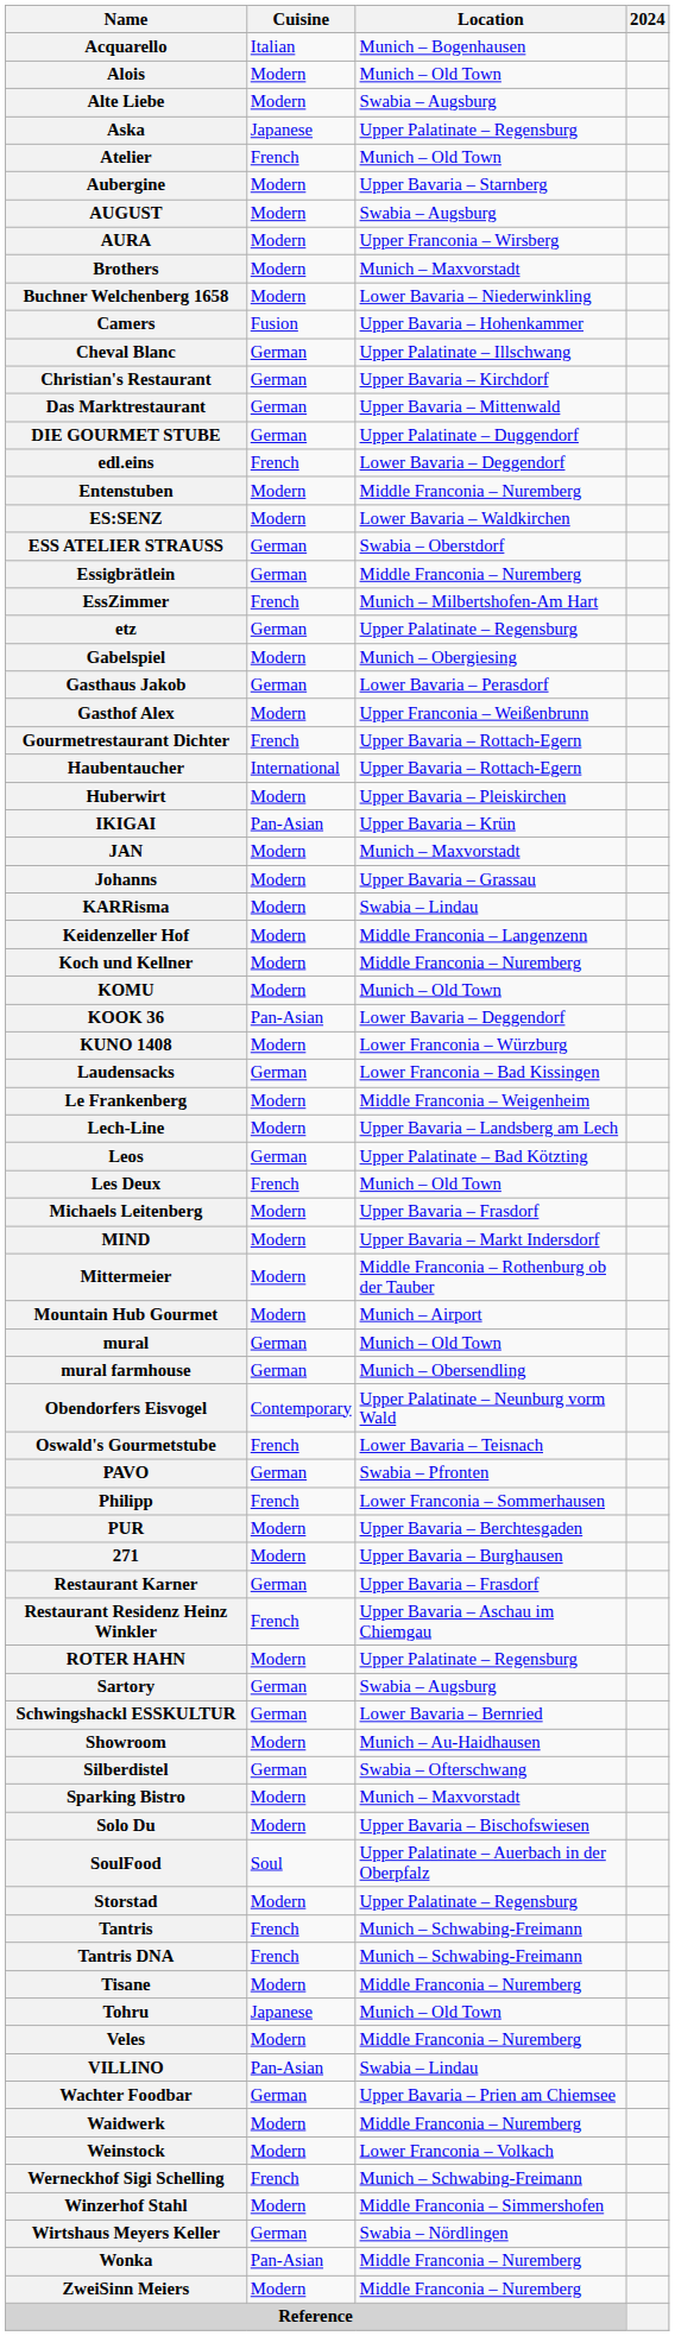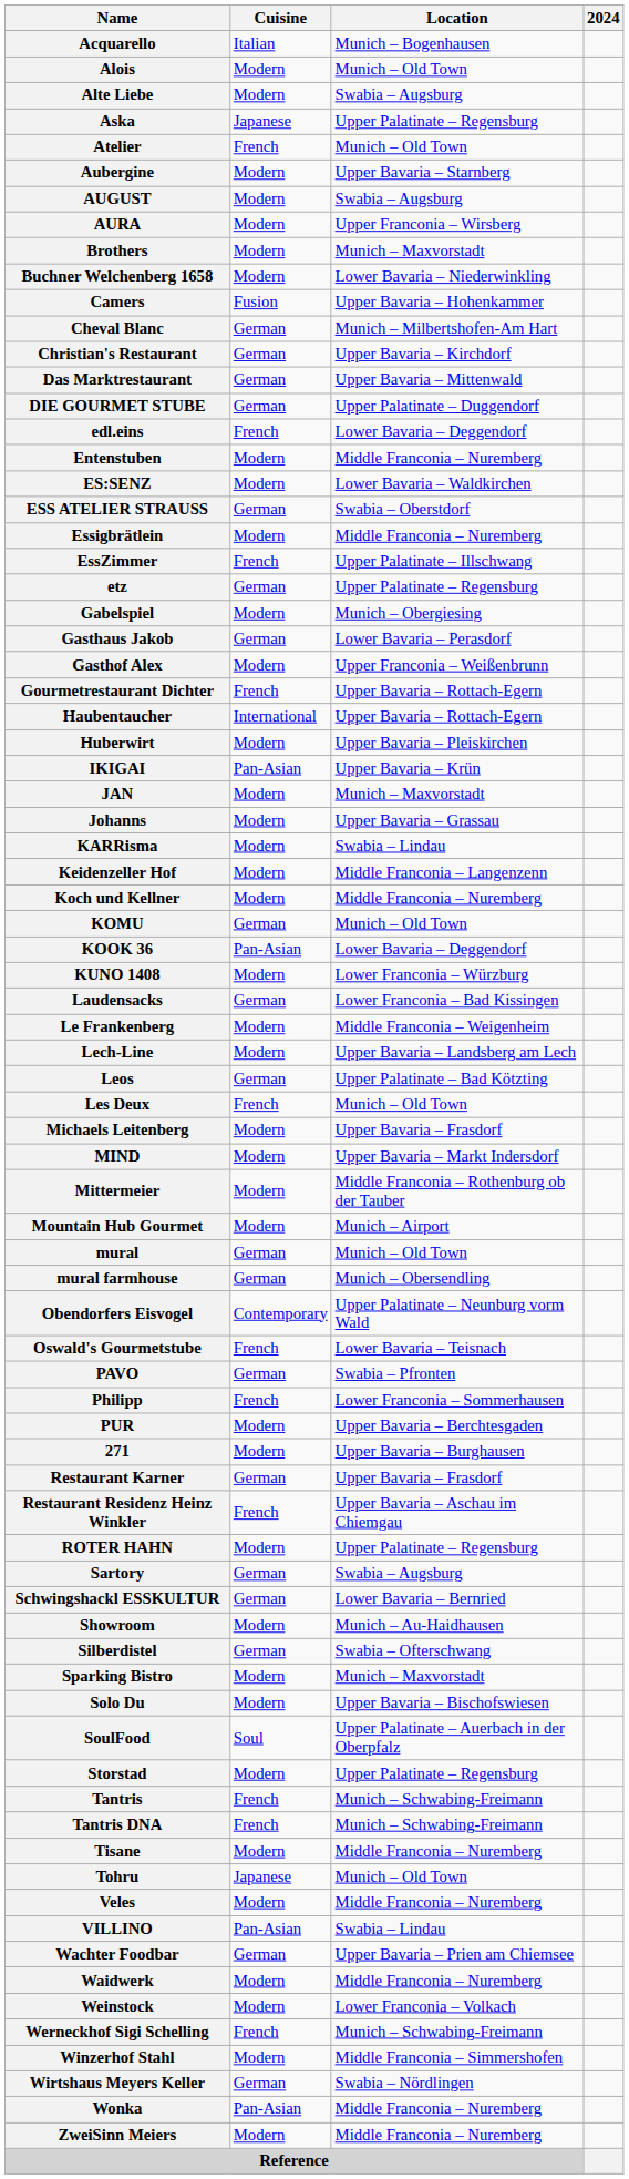 <table class="wikitable sortable plainrowheaders" style="text-align:left;"">
 <tr>
 <th scope="col">Name</th>
 <th scope="col">Cuisine</th>
 <th scope="col">Location</th>
 <th scope="col">2024</th>
 </tr>
 <tr>
 <th scope="row">Acquarello</th>
 <td><a href='#'>Italian</a></td>
 <td><a href='#'>Munich – Bogenhausen</a></td>
 <td></td>
 </tr>
 <tr>
 <th scope="row">Alois</th>
 <td><a href='#'>Modern</a></td>
 <td><a href='#'>Munich – Old Town</a></td>
 <td></td>
 </tr>
 <tr>
 <th scope="row">Alte Liebe</th>
 <td><a href='#'>Modern</a></td>
 <td><a href='#'>Swabia – Augsburg</a></td>
 <td></td>
 </tr>
 <tr>
 <th scope="row">Aska</th>
 <td><a href='#'>Japanese</a></td>
 <td><a href='#'>Upper Palatinate – Regensburg</a></td>
 <td></td>
 </tr>
 <tr>
 <th scope="row">Atelier</th>
 <td><a href='#'>French</a></td>
 <td><a href='#'>Munich – Old Town</a></td>
 <td></td>
 </tr>
 <tr>
 <th scope="row">Aubergine</th>
 <td><a href='#'>Modern</a></td>
 <td><a href='#'>Upper Bavaria – Starnberg</a></td>
 <td></td>
 </tr>
 <tr>
 <th scope="row">AUGUST</th>
 <td><a href='#'>Modern</a></td>
 <td><a href='#'>Swabia – Augsburg</a></td>
 <td></td>
 </tr>
 <tr>
 <th scope="row">AURA</th>
 <td><a href='#'>Modern</a></td>
 <td><a href='#'>Upper Franconia – Wirsberg</a></td>
 <td></td>
 </tr>
 <tr>
 <th scope="row">Brothers</th>
 <td><a href='#'>Modern</a></td>
 <td><a href='#'>Munich – Maxvorstadt</a></td>
 <td></td>
 </tr>
 <tr>
 <th scope="row">Buchner Welchenberg 1658</th>
 <td><a href='#'>Modern</a></td>
 <td><a href='#'>Lower Bavaria – Niederwinkling</a></td>
 <td></td>
 </tr>
 <tr>
 <th scope="row">Camers</th>
 <td><a href='#'>Fusion</a></td>
 <td><a href='#'>Upper Bavaria – Hohenkammer</a></td>
 <td></td>
 </tr>
 <tr>
 <th scope="row">Cheval Blanc</th>
 <td><a href='#'>German</a></td>
-<td><a href='#'>Upper Palatinate – Illschwang</a></td>
+<td><a href='#'>Munich – Milbertshofen-Am Hart</a></td>
 <td></td>
 </tr>
 <tr>
 <th scope="row">Christian's Restaurant</th>
 <td><a href='#'>German</a></td>
 <td><a href='#'>Upper Bavaria – Kirchdorf</a></td>
 <td></td>
 </tr>
 <tr>
 <th scope="row">Das Marktrestaurant</th>
 <td><a href='#'>German</a></td>
 <td><a href='#'>Upper Bavaria – Mittenwald</a></td>
 <td></td>
 </tr>
 <tr>
 <th scope="row">DIE GOURMET STUBE</th>
 <td><a href='#'>German</a></td>
 <td><a href='#'>Upper Palatinate – Duggendorf</a></td>
 <td></td>
 </tr>
 <tr>
 <th scope="row">edl.eins</th>
 <td><a href='#'>French</a></td>
 <td><a href='#'>Lower Bavaria – Deggendorf</a></td>
 <td></td>
 </tr>
 <tr>
 <th scope="row">Entenstuben</th>
 <td><a href='#'>Modern</a></td>
 <td><a href='#'>Middle Franconia – Nuremberg</a></td>
 <td></td>
 </tr>
 <tr>
 <th scope="row">ES:SENZ</th>
 <td><a href='#'>Modern</a></td>
 <td><a href='#'>Lower Bavaria – Waldkirchen</a></td>
 <td></td>
 </tr>
 <tr>
 <th scope="row">ESS ATELIER STRAUSS</th>
 <td><a href='#'>German</a></td>
 <td><a href='#'>Swabia – Oberstdorf</a></td>
 <td></td>
 </tr>
 <tr>
 <th scope="row">Essigbrätlein</th>
-<td><a href='#'>German</a></td>
+<td><a href='#'>Modern</a></td>
 <td><a href='#'>Middle Franconia – Nuremberg</a></td>
 <td></td>
 </tr>
 <tr>
 <th scope="row">EssZimmer</th>
 <td><a href='#'>French</a></td>
-<td><a href='#'>Munich – Milbertshofen-Am Hart</a></td>
+<td><a href='#'>Upper Palatinate – Illschwang</a></td>
 <td></td>
 </tr>
 <tr>
 <th scope="row">etz</th>
 <td><a href='#'>German</a></td>
 <td><a href='#'>Upper Palatinate – Regensburg</a></td>
 <td></td>
 </tr>
 <tr>
 <th scope="row">Gabelspiel</th>
 <td><a href='#'>Modern</a></td>
 <td><a href='#'>Munich – Obergiesing</a></td>
 <td></td>
 </tr>
 <tr>
 <th scope="row">Gasthaus Jakob</th>
 <td><a href='#'>German</a></td>
 <td><a href='#'>Lower Bavaria – Perasdorf</a></td>
 <td></td>
 </tr>
 <tr>
 <th scope="row">Gasthof Alex</th>
 <td><a href='#'>Modern</a></td>
 <td><a href='#'>Upper Franconia – Weißenbrunn</a></td>
 <td></td>
 </tr>
 <tr>
 <th scope="row">Gourmetrestaurant Dichter</th>
 <td><a href='#'>French</a></td>
 <td><a href='#'>Upper Bavaria – Rottach-Egern</a></td>
 <td></td>
 </tr>
 <tr>
 <th scope="row">Haubentaucher</th>
 <td><a href='#'>International</a></td>
 <td><a href='#'>Upper Bavaria – Rottach-Egern</a></td>
 <td></td>
 </tr>
 <tr>
 <th scope="row">Huberwirt</th>
 <td><a href='#'>Modern</a></td>
 <td><a href='#'>Upper Bavaria – Pleiskirchen</a></td>
 <td></td>
 </tr>
 <tr>
 <th scope="row">IKIGAI</th>
 <td><a href='#'>Pan-Asian</a></td>
 <td><a href='#'>Upper Bavaria – Krün</a></td>
 <td></td>
 </tr>
 <tr>
 <th scope="row">JAN</th>
 <td><a href='#'>Modern</a></td>
 <td><a href='#'>Munich – Maxvorstadt</a></td>
 <td></td>
 </tr>
 <tr>
 <th scope="row">Johanns</th>
 <td><a href='#'>Modern</a></td>
 <td><a href='#'>Upper Bavaria – Grassau</a></td>
 <td></td>
 </tr>
 <tr>
 <th scope="row">KARRisma</th>
 <td><a href='#'>Modern</a></td>
 <td><a href='#'>Swabia – Lindau</a></td>
 <td></td>
 </tr>
 <tr>
 <th scope="row">Keidenzeller Hof</th>
 <td><a href='#'>Modern</a></td>
 <td><a href='#'>Middle Franconia – Langenzenn</a></td>
 <td></td>
 </tr>
 <tr>
 <th scope="row">Koch und Kellner</th>
 <td><a href='#'>Modern</a></td>
 <td><a href='#'>Middle Franconia – Nuremberg</a></td>
 <td></td>
 </tr>
 <tr>
 <th scope="row">KOMU</th>
-<td><a href='#'>Modern</a></td>
+<td><a href='#'>German</a></td>
 <td><a href='#'>Munich – Old Town</a></td>
 <td></td>
 </tr>
 <tr>
 <th scope="row">KOOK 36</th>
 <td><a href='#'>Pan-Asian</a></td>
 <td><a href='#'>Lower Bavaria – Deggendorf</a></td>
 <td></td>
 </tr>
 <tr>
 <th scope="row">KUNO 1408</th>
 <td><a href='#'>Modern</a></td>
 <td><a href='#'>Lower Franconia – Würzburg</a></td>
 <td></td>
 </tr>
 <tr>
 <th scope="row">Laudensacks</th>
 <td><a href='#'>German</a></td>
 <td><a href='#'>Lower Franconia – Bad Kissingen</a></td>
 <td></td>
 </tr>
 <tr>
 <th scope="row">Le Frankenberg</th>
 <td><a href='#'>Modern</a></td>
 <td><a href='#'>Middle Franconia – Weigenheim</a></td>
 <td></td>
 </tr>
 <tr>
 <th scope="row">Lech-Line</th>
 <td><a href='#'>Modern</a></td>
 <td><a href='#'>Upper Bavaria – Landsberg am Lech</a></td>
 <td></td>
 </tr>
 <tr>
 <th scope="row">Leos</th>
 <td><a href='#'>German</a></td>
 <td><a href='#'>Upper Palatinate – Bad Kötzting</a></td>
 <td></td>
 </tr>
 <tr>
 <th scope="row">Les Deux</th>
 <td><a href='#'>French</a></td>
 <td><a href='#'>Munich – Old Town</a></td>
 <td></td>
 </tr>
 <tr>
 <th scope="row">Michaels Leitenberg</th>
 <td><a href='#'>Modern</a></td>
 <td><a href='#'>Upper Bavaria – Frasdorf</a></td>
 <td></td>
 </tr>
 <tr>
 <th scope="row">MIND</th>
 <td><a href='#'>Modern</a></td>
 <td><a href='#'>Upper Bavaria – Markt Indersdorf</a></td>
 <td></td>
 </tr>
 <tr>
 <th scope="row">Mittermeier</th>
 <td><a href='#'>Modern</a></td>
 <td><a href='#'>Middle Franconia – Rothenburg ob der Tauber</a></td>
 <td></td>
 </tr>
 <tr>
 <th scope="row">Mountain Hub Gourmet</th>
 <td><a href='#'>Modern</a></td>
 <td><a href='#'>Munich – Airport</a></td>
 <td></td>
 </tr>
 <tr>
 <th scope="row">mural</th>
 <td><a href='#'>German</a></td>
 <td><a href='#'>Munich – Old Town</a></td>
 <td></td>
 </tr>
 <tr>
 <th scope="row">mural farmhouse</th>
 <td><a href='#'>German</a></td>
 <td><a href='#'>Munich – Obersendling</a></td>
 <td></td>
 </tr>
 <tr>
 <th scope="row">Obendorfers Eisvogel</th>
 <td><a href='#'>Contemporary</a></td>
 <td><a href='#'>Upper Palatinate – Neunburg vorm Wald</a></td>
 <td></td>
 </tr>
 <tr>
 <th scope="row">Oswald's Gourmetstube</th>
 <td><a href='#'>French</a></td>
 <td><a href='#'>Lower Bavaria – Teisnach</a></td>
 <td></td>
 </tr>
 <tr>
 <th scope="row">PAVO</th>
 <td><a href='#'>German</a></td>
 <td><a href='#'>Swabia – Pfronten</a></td>
 <td></td>
 </tr>
 <tr>
 <th scope="row">Philipp</th>
 <td><a href='#'>French</a></td>
 <td><a href='#'>Lower Franconia – Sommerhausen</a></td>
 <td></td>
 </tr>
 <tr>
 <th scope="row">PUR</th>
 <td><a href='#'>Modern</a></td>
 <td><a href='#'>Upper Bavaria – Berchtesgaden</a></td>
 <td></td>
 </tr>
 <tr>
 <th scope="row">271</th>
 <td><a href='#'>Modern</a></td>
 <td><a href='#'>Upper Bavaria – Burghausen</a></td>
 <td></td>
 </tr>
 <tr>
 <th scope="row">Restaurant Karner</th>
 <td><a href='#'>German</a></td>
 <td><a href='#'>Upper Bavaria – Frasdorf</a></td>
 <td></td>
 </tr>
 <tr>
 <th scope="row">Restaurant Residenz Heinz Winkler</th>
 <td><a href='#'>French</a></td>
 <td><a href='#'>Upper Bavaria – Aschau im Chiemgau</a></td>
 <td></td>
 </tr>
 <tr>
 <th scope="row">ROTER HAHN</th>
 <td><a href='#'>Modern</a></td>
 <td><a href='#'>Upper Palatinate – Regensburg</a></td>
 <td></td>
 </tr>
 <tr>
 <th scope="row">Sartory</th>
 <td><a href='#'>German</a></td>
 <td><a href='#'>Swabia – Augsburg</a></td>
 <td></td>
 </tr>
 <tr>
 <th scope="row">Schwingshackl ESSKULTUR</th>
 <td><a href='#'>German</a></td>
 <td><a href='#'>Lower Bavaria – Bernried</a></td>
 <td></td>
 </tr>
 <tr>
 <th scope="row">Showroom</th>
 <td><a href='#'>Modern</a></td>
 <td><a href='#'>Munich – Au-Haidhausen</a></td>
 <td></td>
 </tr>
 <tr>
 <th scope="row">Silberdistel</th>
 <td><a href='#'>German</a></td>
 <td><a href='#'>Swabia – Ofterschwang</a></td>
 <td></td>
 </tr>
 <tr>
 <th scope="row">Sparking Bistro</th>
 <td><a href='#'>Modern</a></td>
 <td><a href='#'>Munich – Maxvorstadt</a></td>
 <td></td>
 </tr>
 <tr>
 <th scope="row">Solo Du</th>
 <td><a href='#'>Modern</a></td>
 <td><a href='#'>Upper Bavaria – Bischofswiesen</a></td>
 <td></td>
 </tr>
 <tr>
 <th scope="row">SoulFood</th>
 <td><a href='#'>Soul</a></td>
 <td><a href='#'>Upper Palatinate – Auerbach in der Oberpfalz</a></td>
 <td></td>
 </tr>
 <tr>
 <th scope="row">Storstad</th>
 <td><a href='#'>Modern</a></td>
 <td><a href='#'>Upper Palatinate – Regensburg</a></td>
 <td></td>
 </tr>
 <tr>
 <th scope="row">Tantris</th>
 <td><a href='#'>French</a></td>
 <td><a href='#'>Munich – Schwabing-Freimann</a></td>
 <td></td>
 </tr>
 <tr>
 <th scope="row">Tantris DNA</th>
 <td><a href='#'>French</a></td>
 <td><a href='#'>Munich – Schwabing-Freimann</a></td>
 <td></td>
 </tr>
 <tr>
 <th scope="row">Tisane</th>
 <td><a href='#'>Modern</a></td>
 <td><a href='#'>Middle Franconia – Nuremberg</a></td>
 <td></td>
 </tr>
 <tr>
 <th scope="row">Tohru</th>
 <td><a href='#'>Japanese</a></td>
 <td><a href='#'>Munich – Old Town</a></td>
 <td></td>
 </tr>
 <tr>
 <th scope="row">Veles</th>
 <td><a href='#'>Modern</a></td>
 <td><a href='#'>Middle Franconia – Nuremberg</a></td>
 <td></td>
 </tr>
 <tr>
 <th scope="row">VILLINO</th>
 <td><a href='#'>Pan-Asian</a></td>
 <td><a href='#'>Swabia – Lindau</a></td>
 <td></td>
 </tr>
 <tr>
 <th scope="row">Wachter Foodbar</th>
 <td><a href='#'>German</a></td>
 <td><a href='#'>Upper Bavaria – Prien am Chiemsee</a></td>
 <td></td>
 </tr>
 <tr>
 <th scope="row">Waidwerk</th>
 <td><a href='#'>Modern</a></td>
 <td><a href='#'>Middle Franconia – Nuremberg</a></td>
 <td></td>
 </tr>
 <tr>
 <th scope="row">Weinstock</th>
 <td><a href='#'>Modern</a></td>
 <td><a href='#'>Lower Franconia – Volkach</a></td>
 <td></td>
 </tr>
 <tr>
 <th scope="row">Werneckhof Sigi Schelling</th>
 <td><a href='#'>French</a></td>
 <td><a href='#'>Munich – Schwabing-Freimann</a></td>
 <td></td>
 </tr>
 <tr>
 <th scope="row">Winzerhof Stahl</th>
 <td><a href='#'>Modern</a></td>
 <td><a href='#'>Middle Franconia – Simmershofen</a></td>
 <td></td>
 </tr>
 <tr>
 <th scope="row">Wirtshaus Meyers Keller</th>
 <td><a href='#'>German</a></td>
 <td><a href='#'>Swabia – Nördlingen</a></td>
 <td></td>
 </tr>
 <tr>
 <th scope="row">Wonka</th>
 <td><a href='#'>Pan-Asian</a></td>
 <td><a href='#'>Middle Franconia – Nuremberg</a></td>
 <td></td>
 </tr>
 <tr>
 <th scope="row">ZweiSinn Meiers</th>
 <td><a href='#'>Modern</a></td>
 <td><a href='#'>Middle Franconia – Nuremberg</a></td>
 <td></td>
 </tr>
 <tr>
 <th colspan="3" style="text-align: center;background: lightgray;">Reference</th>
 <th></th>
 </tr>
 </table>
